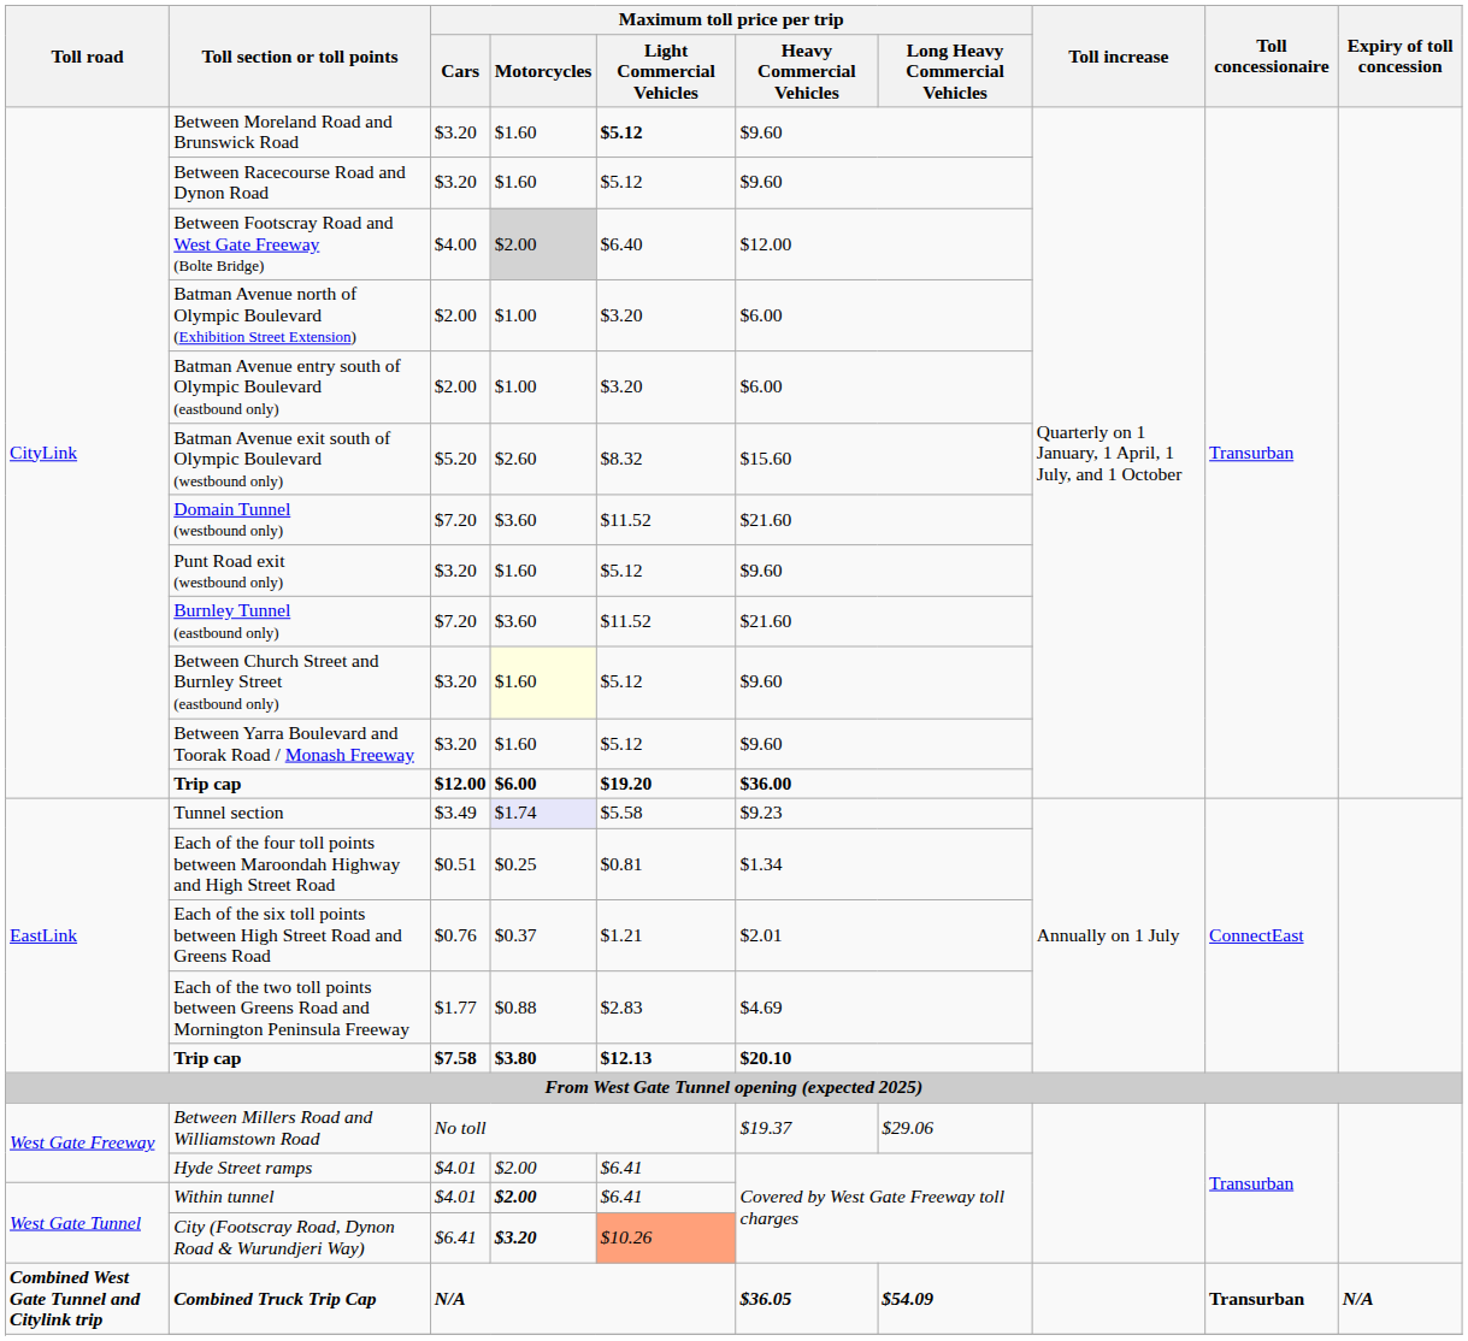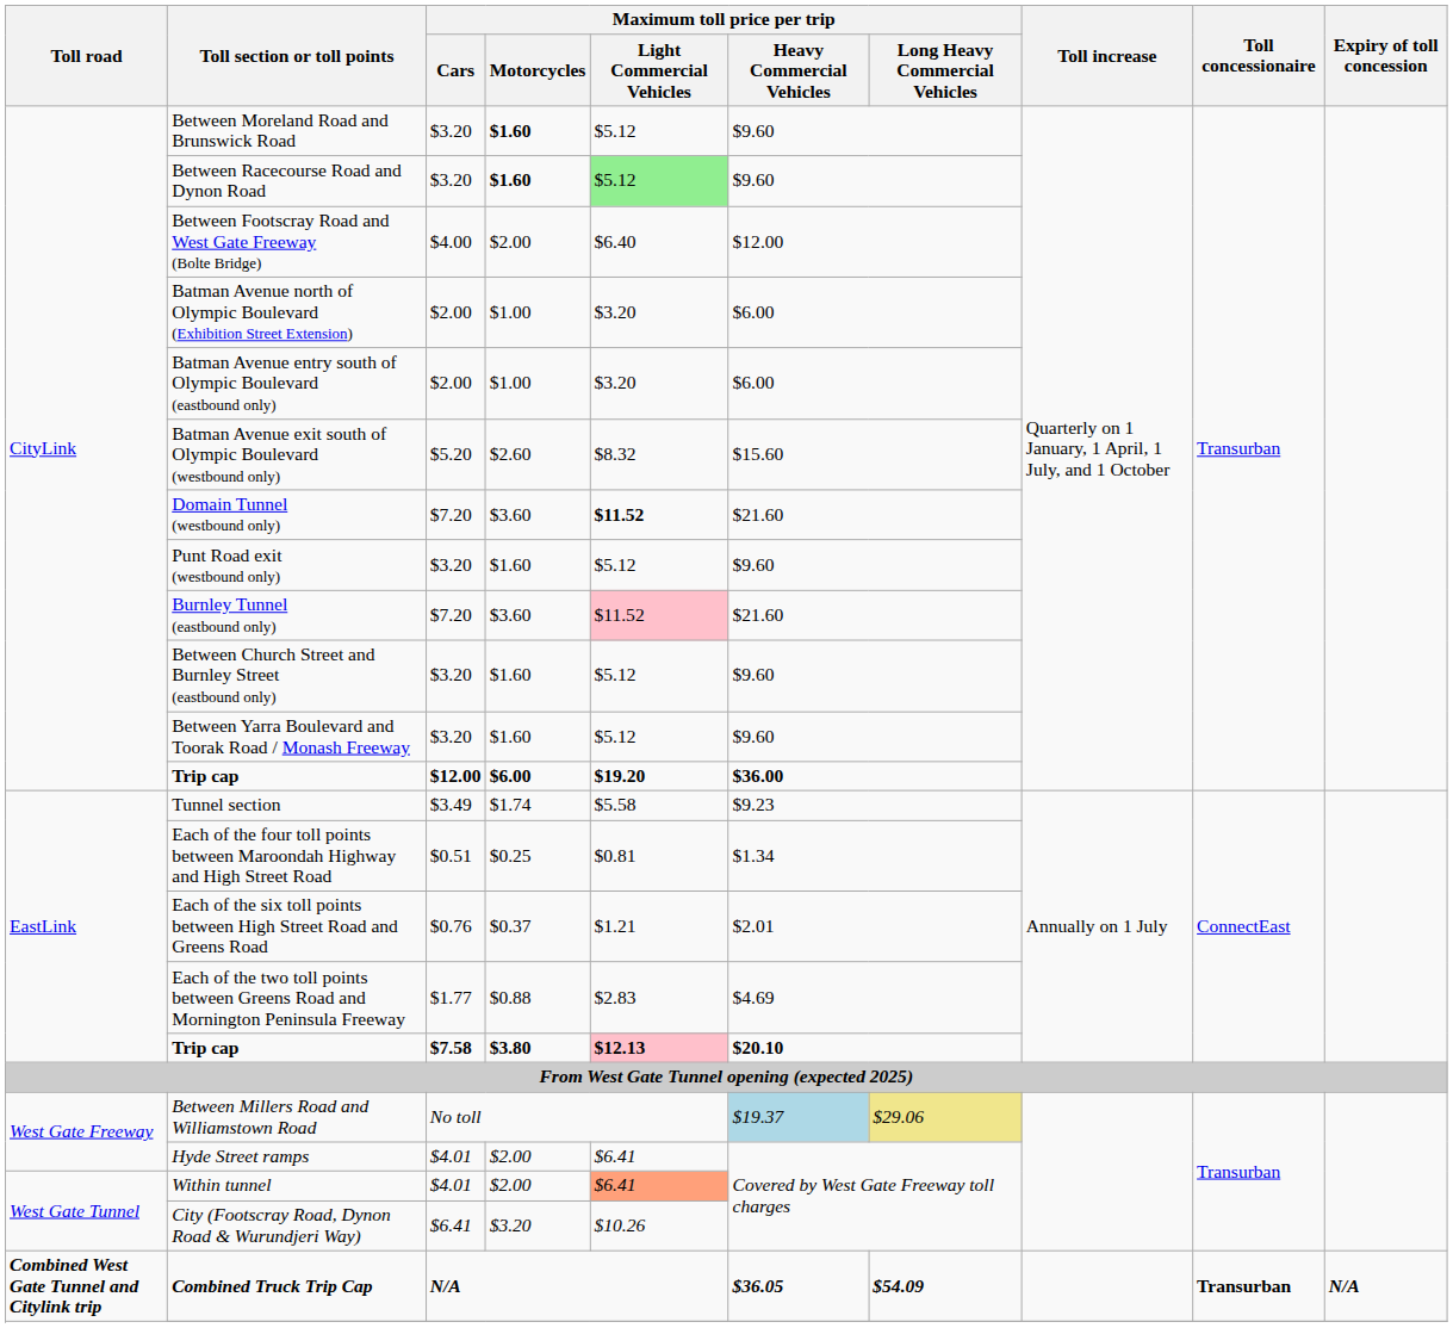 <table class="wikitable sortable">
 <tr>
 <th rowspan=2>Toll road</th>
 <th rowspan=2>Toll section or toll points</th>
 <th colspan=5>Maximum toll price per trip</th>
 <th rowspan=2>Toll increase</th>
 <th rowspan=2>Toll concessionaire</th>
 <th rowspan=2>Expiry of toll concession</th>
 </tr>
 <tr>
 <th>Cars</th>
 <th>Motorcycles</th>
 <th>Light Commercial Vehicles</th>
 <th>Heavy Commercial Vehicles</th>
 <th>Long Heavy Commercial Vehicles<br></th>
 </tr>
 <tr>
 <td rowspan=12><a href='#'>CityLink</a></td>
 <td>Between Moreland Road and Brunswick Road</td>
 <td>$3.20</td>
-<td>$1.60</td>
-<td><strong>$5.12</strong></td>
+<td><strong>$1.60</strong></td>
+<td>$5.12</td>
 <td colspan=2>$9.60</td>
 <td rowspan=12>Quarterly on 1 January, 1 April, 1 July, and 1 October</td>
 <td rowspan=12><a href='#'>Transurban</a></td>
 <td rowspan=12></td>
 </tr>
 <tr>
 <td>Between Racecourse Road and Dynon Road</td>
 <td>$3.20</td>
-<td>$1.60</td>
-<td>$5.12</td>
+<td><strong>$1.60</strong></td>
+<td style="background: lightgreen;">$5.12</td>
 <td colspan=2>$9.60</td>
 </tr>
 <tr>
 <td>Between Footscray Road and <a href='#'>West Gate Freeway</a><br><small>(Bolte Bridge)</small></td>
 <td>$4.00</td>
-<td style="background: lightgrey;">$2.00</td>
+<td>$2.00</td>
 <td>$6.40</td>
 <td colspan=2>$12.00</td>
 </tr>
 <tr>
 <td>Batman Avenue north of Olympic Boulevard<br><small>(<a href='#'>Exhibition Street Extension</a>)</small></td>
 <td>$2.00</td>
 <td>$1.00</td>
 <td>$3.20</td>
 <td colspan=2>$6.00</td>
 </tr>
 <tr>
 <td>Batman Avenue entry south of Olympic Boulevard<br><small>(eastbound only)</small></td>
 <td>$2.00</td>
 <td>$1.00</td>
 <td>$3.20</td>
 <td colspan=2>$6.00</td>
 </tr>
 <tr>
 <td>Batman Avenue exit south of Olympic Boulevard<br><small>(westbound only)</small></td>
 <td>$5.20</td>
 <td>$2.60</td>
 <td>$8.32</td>
 <td colspan=2>$15.60</td>
 </tr>
 <tr>
 <td><a href='#'>Domain Tunnel</a><br><small>(westbound only)</small></td>
 <td>$7.20</td>
 <td>$3.60</td>
-<td>$11.52</td>
+<td><strong>$11.52</strong></td>
 <td colspan=2>$21.60</td>
 </tr>
 <tr>
 <td>Punt Road exit<br><small>(westbound only)</small></td>
 <td>$3.20</td>
 <td>$1.60</td>
 <td>$5.12</td>
 <td colspan=2>$9.60</td>
 </tr>
 <tr>
 <td><a href='#'>Burnley Tunnel</a><br><small>(eastbound only)</small></td>
 <td>$7.20</td>
 <td>$3.60</td>
-<td>$11.52</td>
+<td style="background: pink;">$11.52</td>
 <td colspan=2>$21.60</td>
 </tr>
 <tr>
 <td>Between Church Street and Burnley Street<br><small>(eastbound only)</small></td>
 <td>$3.20</td>
-<td style="background: lightyellow;">$1.60</td>
+<td>$1.60</td>
 <td>$5.12</td>
 <td colspan=2>$9.60</td>
 </tr>
 <tr>
 <td>Between Yarra Boulevard and Toorak Road / <a href='#'>Monash Freeway</a></td>
 <td>$3.20</td>
 <td>$1.60</td>
 <td>$5.12</td>
 <td colspan=2>$9.60</td>
 </tr>
 <tr>
 <td><strong>Trip cap</strong></td>
 <td><strong>$12.00</strong></td>
 <td><strong>$6.00</strong></td>
 <td><strong>$19.20</strong></td>
 <td colspan=2><strong>$36.00</strong><br></td>
 </tr>
 <tr>
 <td rowspan=5><a href='#'>EastLink</a></td>
 <td>Tunnel section</td>
 <td>$3.49</td>
-<td style="background: lavender;">$1.74</td>
+<td>$1.74</td>
 <td>$5.58</td>
 <td colspan=2>$9.23</td>
 <td rowspan=5>Annually on 1 July</td>
 <td rowspan=5><a href='#'>ConnectEast</a></td>
 <td rowspan=5></td>
 </tr>
 <tr>
 <td>Each of the four toll points between Maroondah Highway and High Street Road</td>
 <td>$0.51</td>
 <td>$0.25</td>
 <td>$0.81</td>
 <td colspan=2>$1.34</td>
 </tr>
 <tr>
 <td>Each of the six toll points between High Street Road and Greens Road</td>
 <td>$0.76</td>
 <td>$0.37</td>
 <td>$1.21</td>
 <td colspan=2>$2.01</td>
 </tr>
 <tr>
 <td>Each of the two toll points between Greens Road and Mornington Peninsula Freeway</td>
 <td>$1.77</td>
 <td>$0.88</td>
 <td>$2.83</td>
 <td colspan=2>$4.69</td>
 </tr>
 <tr>
 <td><strong>Trip cap</strong></td>
 <td><strong>$7.58</strong></td>
 <td><strong>$3.80</strong></td>
-<td><strong>$12.13</strong></td>
+<td style="background: pink;"><strong>$12.13</strong></td>
 <td colspan=2><strong>$20.10</strong><br></td>
 </tr>
 <tr>
 <th colspan=10 style="background: #cccccc;"><em>From West Gate Tunnel opening (expected 2025)</em></th>
 </tr>
 <tr>
 <td rowspan=2><em><a href='#'>West Gate Freeway</a></em></td>
 <td><em>Between Millers Road and Williamstown Road</em></td>
 <td colspan=3><em>No toll</em></td>
-<td><em>$19.37</em></td>
-<td><em>$29.06</em></td>
+<td style="background: lightblue;"><em>$19.37</em></td>
+<td style="background: khaki;"><em>$29.06</em></td>
 <td rowspan=4></td>
 <td rowspan=4><a href='#'>Transurban</a></td>
 <td rowspan=4></td>
 </tr>
 <tr>
 <td><em>Hyde Street ramps</em></td>
 <td><em>$4.01</em></td>
 <td><em>$2.00</em></td>
 <td><em>$6.41</em></td>
 <td rowspan=3 colspan=2><em>Covered by West Gate Freeway toll charges</em></td>
 </tr>
 <tr>
 <td rowspan=2><em><a href='#'>West Gate Tunnel</a></em></td>
 <td><em>Within tunnel</em></td>
 <td><em>$4.01</em></td>
-<td><strong><em>$2.00</em></strong></td>
-<td><em>$6.41</em></td>
+<td><em>$2.00</em></td>
+<td style="background: lightsalmon;"><em>$6.41</em></td>
 </tr>
 <tr>
 <td><em>City (Footscray Road, Dynon Road & Wurundjeri Way)</em></td>
 <td><em>$6.41</em></td>
-<td><strong><em>$3.20</em></strong></td>
-<td style="background: lightsalmon;"><em>$10.26</em></td>
+<td><em>$3.20</em></td>
+<td><em>$10.26</em></td>
 </tr>
 <tr>
 <td rowspan=2><strong><em>Combined West Gate Tunnel and Citylink trip</em></strong></td>
 <td><strong><em>Combined Truck Trip Cap</em></strong></td>
 <td colspan=3><strong><em>N/A</em></strong></td>
 <td><strong><em>$36.05</em></strong></td>
 <td><strong><em>$54.09</em></strong></td>
 <td></td>
 <td><strong>Transurban</strong></td>
 <td><strong><em>N/A</em></strong></td>
 </tr>
 <tr>
 </tr>
 </table>
